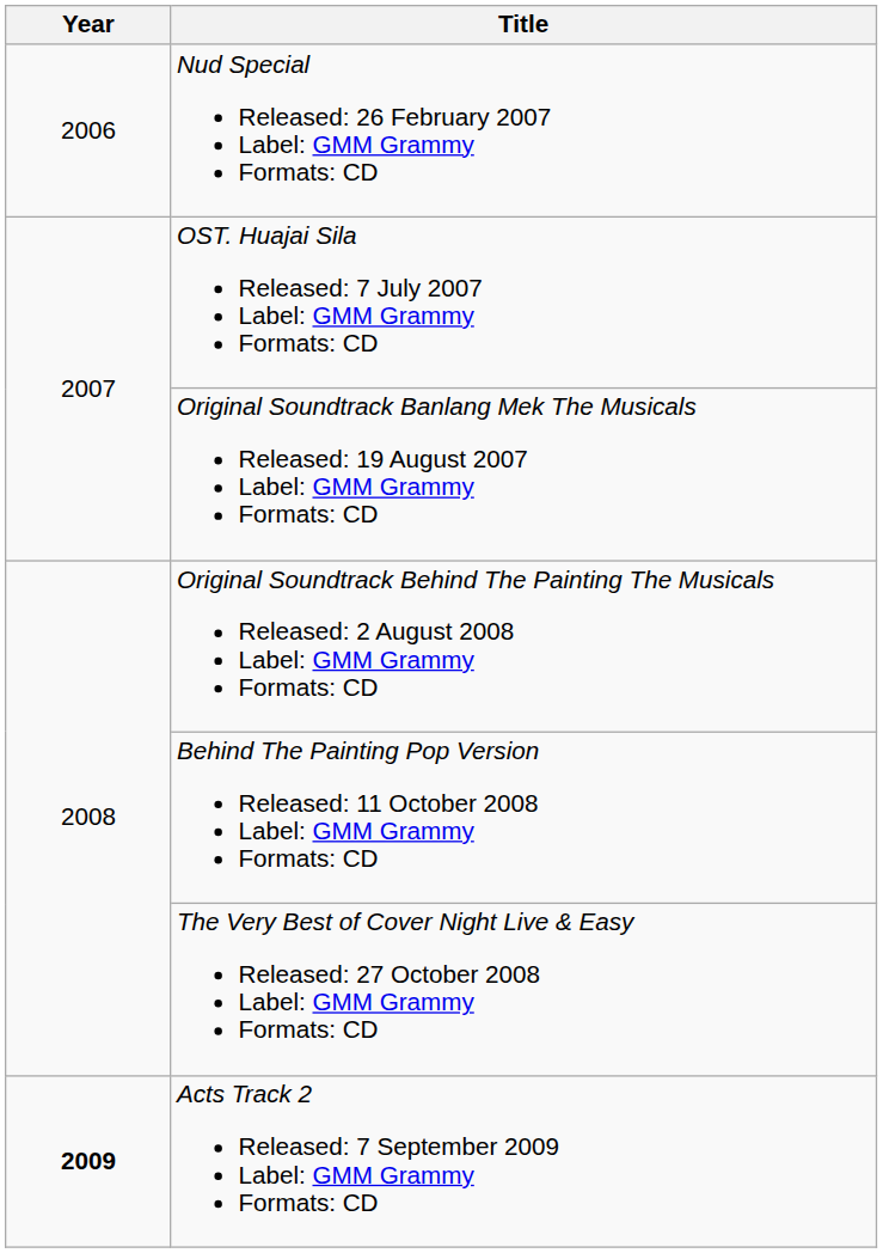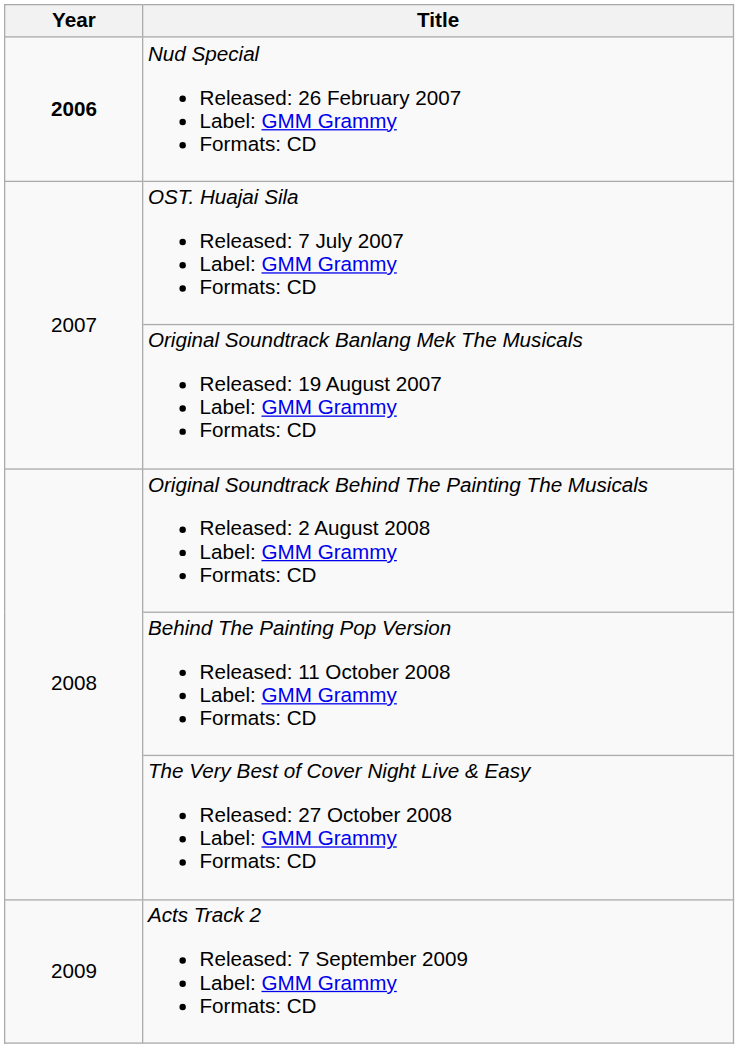 <table class="wikitable">
 <tr>
 <th style=" width:100px;">Year</th>
 <th style=" width:450px;">Title</th>
 </tr>
 <tr>
-<td style="text-align:center;">2006</td>
+<td style="text-align:center;"><strong>2006</strong></td>
 <td><em>Nud Special</em><br><ul><li>Released: 26 February 2007</li><li>Label: <a href='#'>GMM Grammy</a></li><li>Formats: CD</li></ul></td>
 </tr>
 <tr>
 <td style="text-align:center;" rowspan="2">2007</td>
 <td><em>OST. Huajai Sila</em><br><ul><li>Released: 7 July 2007</li><li>Label: <a href='#'>GMM Grammy</a></li><li>Formats: CD</li></ul></td>
 </tr>
 <tr>
 <td><em>Original Soundtrack Banlang Mek The Musicals</em><br><ul><li>Released: 19 August 2007</li><li>Label: <a href='#'>GMM Grammy</a></li><li>Formats: CD</li></ul></td>
 </tr>
 <tr>
 <td style="text-align:center;" rowspan="3">2008</td>
 <td><em>Original Soundtrack Behind The Painting The Musicals</em><br><ul><li>Released: 2 August 2008</li><li>Label: <a href='#'>GMM Grammy</a></li><li>Formats: CD</li></ul></td>
 </tr>
 <tr>
 <td><em>Behind The Painting Pop Version</em><br><ul><li>Released: 11 October 2008</li><li>Label: <a href='#'>GMM Grammy</a></li><li>Formats: CD</li></ul></td>
 </tr>
 <tr>
 <td><em>The Very Best of Cover Night Live & Easy </em><br><ul><li>Released: 27 October 2008</li><li>Label: <a href='#'>GMM Grammy</a></li><li>Formats: CD</li></ul></td>
 </tr>
 <tr>
-<td style="text-align:center;"><strong>2009</strong></td>
+<td style="text-align:center;">2009</td>
 <td><em> Acts Track 2 </em><br><ul><li>Released: 7 September 2009</li><li>Label: <a href='#'>GMM Grammy</a></li><li>Formats: CD</li></ul></td>
 </tr>
 </table>
